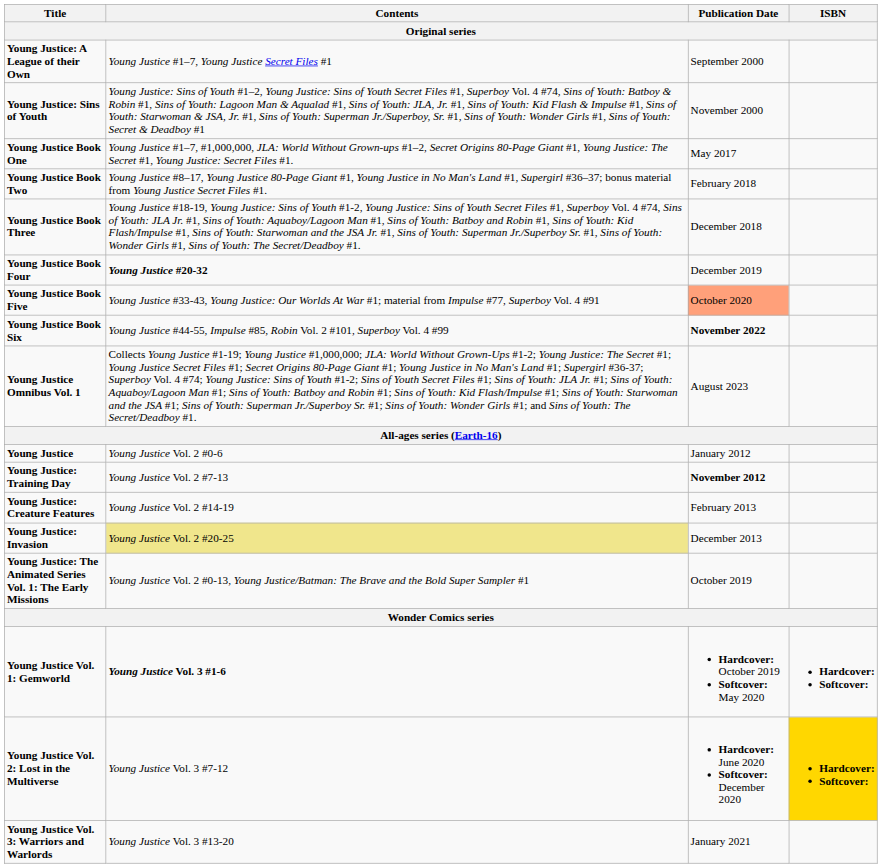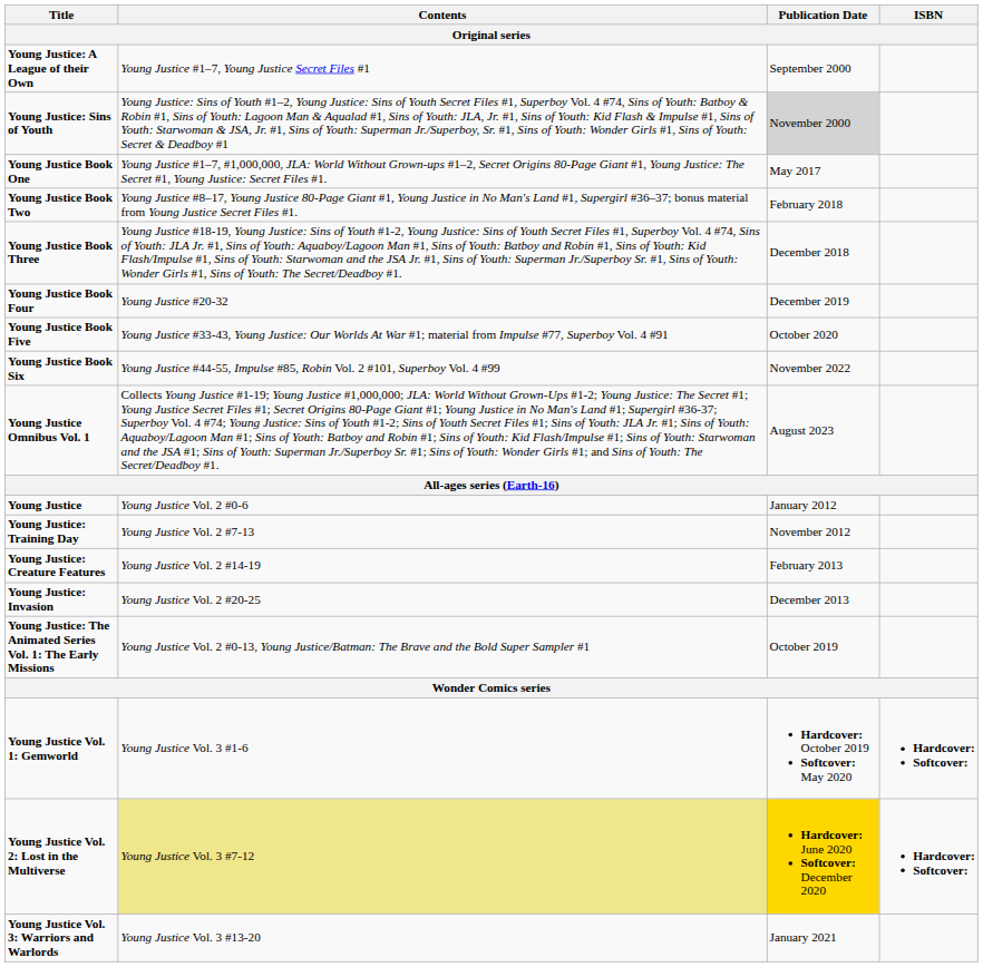 <table class="wikitable">
 <tr>
 <th>Title</th>
 <th>Contents</th>
 <th>Publication Date</th>
 <th>ISBN</th>
 </tr>
 <tr>
 <th colspan="4">Original series</th>
 </tr>
 <tr>
 <td><strong>Young Justice: A League of their Own</strong></td>
 <td><em>Young Justice</em> #1–7, <em>Young Justice <a href='#'>Secret Files</a></em>  #1</td>
 <td>September 2000</td>
 <td></td>
 </tr>
 <tr>
 <td><strong>Young Justice: Sins of Youth</strong></td>
 <td><em>Young Justice: Sins of Youth</em> #1–2, <em>Young Justice: Sins of Youth Secret Files</em> #1, <em>Superboy</em> Vol. 4 #74, <em>Sins of Youth: Batboy & Robin</em> #1, <em>Sins of Youth: Lagoon Man & Aqualad</em> #1, <em>Sins of Youth: JLA, Jr.</em> #1, <em>Sins of Youth: Kid Flash & Impulse</em> #1, <em>Sins of Youth: Starwoman & JSA, Jr.</em> #1, <em>Sins of Youth: Superman Jr./Superboy, Sr.</em> #1, <em>Sins of Youth: Wonder Girls</em> #1, <em>Sins of Youth: Secret & Deadboy</em> #1</td>
-<td>November 2000</td>
+<td style="background: lightgrey;">November 2000</td>
 <td></td>
 </tr>
 <tr>
 <td><strong>Young Justice Book One</strong></td>
 <td><em>Young Justice</em> #1–7, #1,000,000, <em>JLA: World Without Grown-ups</em> #1–2, <em>Secret Origins 80-Page Giant</em> #1, <em>Young Justice: The Secret</em> #1, <em>Young Justice: Secret Files</em> #1.</td>
 <td>May 2017</td>
 <td></td>
 </tr>
 <tr>
 <td><strong>Young Justice Book Two</strong></td>
 <td><em>Young Justice</em> #8–17, <em>Young Justice 80-Page Giant</em> #1, <em>Young Justice in No Man's Land</em> #1, <em>Supergirl</em> #36–37; bonus material from <em>Young Justice Secret Files</em> #1.</td>
 <td>February 2018</td>
 <td></td>
 </tr>
 <tr>
 <td><strong>Young Justice Book Three</strong></td>
 <td><em>Young Justice</em> #18-19, <em>Young Justice: Sins of Youth</em> #1-2, <em>Young Justice: Sins of Youth Secret Files</em> #1, <em>Superboy</em> Vol. 4 #74, <em>Sins of Youth: JLA Jr.</em> #1, <em>Sins of Youth: Aquaboy/Lagoon Man</em> #1, <em>Sins of Youth: Batboy and Robin</em> #1, <em>Sins of Youth: Kid Flash/Impulse</em> #1, <em>Sins of Youth: Starwoman and the JSA Jr.</em> #1, <em>Sins of Youth: Superman Jr./Superboy Sr.</em> #1, <em>Sins of Youth: Wonder Girls</em> #1, <em>Sins of Youth: The Secret/Deadboy</em> #1.</td>
 <td>December 2018</td>
 <td></td>
 </tr>
 <tr>
 <td><strong>Young Justice Book Four</strong></td>
-<td><strong><em>Young Justice</em> #20-32</strong></td>
+<td><em>Young Justice</em> #20-32</td>
 <td>December 2019</td>
 <td></td>
 </tr>
 <tr>
 <td><strong>Young Justice Book Five</strong></td>
 <td><em>Young Justice</em> #33-43, <em>Young Justice: Our Worlds At War</em> #1; material from <em>Impulse</em> #77, <em>Superboy</em> Vol. 4 #91</td>
-<td style="background: lightsalmon;">October 2020</td>
+<td>October 2020</td>
 <td></td>
 </tr>
 <tr>
 <td><strong>Young Justice Book Six</strong></td>
 <td><em>Young Justice</em> #44-55, <em>Impulse</em> #85, <em>Robin</em> Vol. 2 #101, <em>Superboy</em> Vol. 4 #99</td>
-<td><strong>November 2022</strong></td>
+<td>November 2022</td>
 <td></td>
 </tr>
 <tr>
 <td><strong>Young Justice Omnibus Vol. 1</strong></td>
 <td>Collects <em>Young Justice</em> #1-19; <em>Young Justice</em> #1,000,000; <em>JLA: World Without Grown-Ups</em> #1-2; <em>Young Justice: The Secret</em> #1; <em>Young Justice Secret Files</em> #1; <em>Secret Origins 80-Page Giant</em> #1; <em>Young Justice in No Man's Land</em> #1; <em>Supergirl</em> #36-37; <em>Superboy</em> Vol. 4 #74; <em>Young Justice: Sins of Youth</em> #1-2; <em>Sins of Youth Secret Files</em> #1; <em>Sins of Youth: JLA Jr.</em> #1; <em>Sins of Youth: Aquaboy/Lagoon Man</em> #1; <em>Sins of Youth: Batboy and Robin</em> #1; <em>Sins of Youth: Kid Flash/Impulse</em> #1; <em>Sins of Youth: Starwoman and the JSA</em> #1; <em>Sins of Youth: Superman Jr./Superboy Sr.</em> #1; <em>Sins of Youth: Wonder Girls</em> #1; and <em>Sins of Youth: The Secret/Deadboy</em> #1.</td>
 <td>August 2023</td>
 <td></td>
 </tr>
 <tr>
 <th colspan="4">All-ages series (<a href='#'>Earth-16</a>)</th>
 </tr>
 <tr>
 <td><strong>Young Justice</strong></td>
 <td><em>Young Justice</em> Vol. 2 #0-6</td>
 <td>January 2012</td>
 <td></td>
 </tr>
 <tr>
 <td><strong>Young Justice: Training Day</strong></td>
 <td><em>Young Justice</em> Vol. 2 #7-13</td>
-<td><strong>November 2012</strong></td>
+<td>November 2012</td>
 <td></td>
 </tr>
 <tr>
 <td><strong>Young Justice: Creature Features</strong></td>
 <td><em>Young Justice</em> Vol. 2 #14-19</td>
 <td>February 2013</td>
 <td></td>
 </tr>
 <tr>
 <td><strong>Young Justice: Invasion</strong></td>
-<td style="background: khaki;"><em>Young Justice</em> Vol. 2 #20-25</td>
+<td><em>Young Justice</em> Vol. 2 #20-25</td>
 <td>December 2013</td>
 <td></td>
 </tr>
 <tr>
 <td><strong>Young Justice: The Animated Series Vol. 1: The Early Missions</strong></td>
 <td><em>Young Justice</em> Vol. 2 #0-13, <em>Young Justice/Batman: The Brave and the Bold Super Sampler</em> #1</td>
 <td>October 2019</td>
 <td></td>
 </tr>
 <tr>
 <th colspan="4">Wonder Comics series</th>
 </tr>
 <tr>
 <td><strong>Young Justice Vol. 1: Gemworld</strong></td>
-<td><strong><em>Young Justice</em> Vol. 3 #1-6</strong></td>
+<td><em>Young Justice</em> Vol. 3 #1-6</td>
 <td><br><ul><li><strong>Hardcover:</strong> October 2019</li><li><strong>Softcover:</strong> May 2020</li></ul></td>
 <td><br><ul><li><strong>Hardcover:</strong> </li><li><strong>Softcover:</strong> </li></ul></td>
 </tr>
 <tr>
 <td><strong>Young Justice Vol. 2: Lost in the Multiverse</strong></td>
-<td><em>Young Justice</em> Vol. 3 #7-12</td>
-<td><br><ul><li><strong>Hardcover:</strong> June 2020</li><li><strong>Softcover:</strong> December 2020</li></ul></td>
-<td style="background: gold;"><br><ul><li><strong>Hardcover:</strong> </li><li><strong>Softcover:</strong> </li></ul></td>
+<td style="background: khaki;"><em>Young Justice</em> Vol. 3 #7-12</td>
+<td style="background: gold;"><br><ul><li><strong>Hardcover:</strong> June 2020</li><li><strong>Softcover:</strong> December 2020</li></ul></td>
+<td><br><ul><li><strong>Hardcover:</strong> </li><li><strong>Softcover:</strong> </li></ul></td>
 </tr>
 <tr>
 <td><strong>Young Justice Vol. 3: Warriors and Warlords</strong></td>
 <td><em>Young Justice</em> Vol. 3 #13-20</td>
 <td>January 2021</td>
 <td></td>
 </tr>
 </table>
